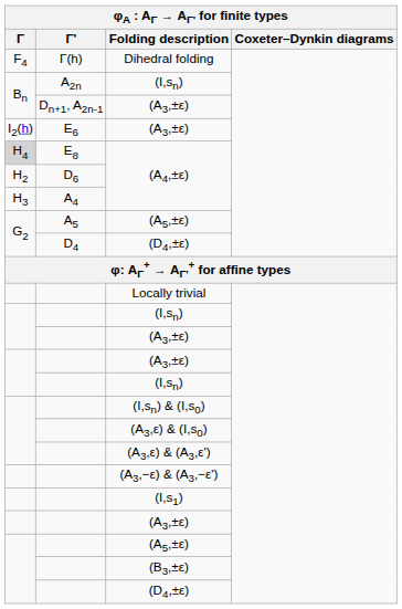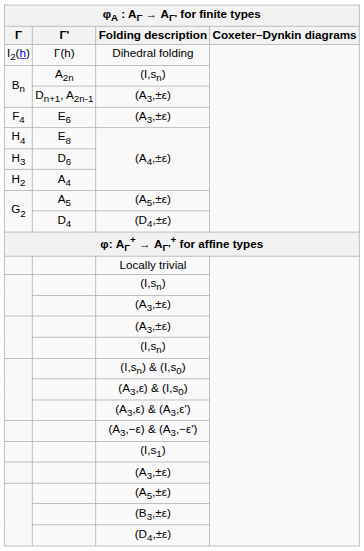 <table class="wikitable" style="float:right;">
 <tr>
 <th colspan=4>φ<sub>A</sub> : A<sub>Γ</sub> → A<sub>Γ'</sub> for finite types</th>
 </tr>
 <tr valign=top>
 <th>Γ</th>
 <th>Γ'</th>
 <th>Folding description</th>
 <th>Coxeter–Dynkin diagrams</th>
 </tr>
 <tr align=center valign=top>
-<td>F<sub>4</sub></td>
+<td>I<sub>2</sub>(<a href='#'>h</a>)</td>
 <td>Γ(h)</td>
 <td>Dihedral folding</td>
 <td rowspan=9></td>
 </tr>
 <tr align=center>
 <td rowspan=2>B<sub>n</sub></td>
 <td>A<sub>2n</sub></td>
 <td>(I,s<sub>n</sub>)</td>
 </tr>
 <tr align=center>
 <td>D<sub>n+1</sub>, A<sub>2n-1</sub></td>
 <td>(A<sub>3</sub>,±ε)</td>
 </tr>
 <tr align=center>
-<td>I<sub>2</sub>(<a href='#'>h</a>)</td>
+<td>F<sub>4</sub></td>
 <td>E<sub>6</sub></td>
 <td>(A<sub>3</sub>,±ε)</td>
 </tr>
 <tr align=center>
-<td style="background: lightgrey;">H<sub>4</sub></td>
+<td>H<sub>4</sub></td>
 <td>E<sub>8</sub></td>
 <td rowspan=3>(A<sub>4</sub>,±ε)</td>
 </tr>
 <tr align=center>
-<td>H<sub>2</sub></td>
+<td>H<sub>3</sub></td>
 <td>D<sub>6</sub></td>
 </tr>
 <tr align=center>
-<td>H<sub>3</sub></td>
+<td>H<sub>2</sub></td>
 <td>A<sub>4</sub></td>
 </tr>
 <tr align=center>
 <td rowspan=2>G<sub>2</sub></td>
 <td>A<sub>5</sub></td>
 <td>(A<sub>5</sub>,±ε)</td>
 </tr>
 <tr align=center>
 <td>D<sub>4</sub></td>
 <td>(D<sub>4</sub>,±ε)</td>
 </tr>
 <tr>
 <th colspan=4>φ: A<sub>Γ</sub><sup>+</sup> → A<sub>Γ'</sub><sup>+</sup> for affine types</th>
 </tr>
 <tr align=center valign=top>
 <td></td>
 <td></td>
 <td>Locally trivial</td>
 <td rowspan=14></td>
 </tr>
 <tr align=center>
 <td rowspan=2></td>
 <td></td>
 <td>(I,s<sub>n</sub>)</td>
 </tr>
 <tr align=center>
 <td></td>
 <td>(A<sub>3</sub>,±ε)</td>
 </tr>
 <tr align=center>
 <td rowspan=2></td>
 <td></td>
 <td>(A<sub>3</sub>,±ε)</td>
 </tr>
 <tr align=center>
 <td></td>
 <td>(I,s<sub>n</sub>)</td>
 </tr>
 <tr align=center>
 <td rowspan=3></td>
 <td></td>
 <td>(I,s<sub>n</sub>) & (I,s<sub>0</sub>)</td>
 </tr>
 <tr align=center>
 <td></td>
 <td>(A<sub>3</sub>,ε) & (I,s<sub>0</sub>)</td>
 </tr>
 <tr align=center>
 <td></td>
 <td>(A<sub>3</sub>,ε) & (A<sub>3</sub>,ε')</td>
 </tr>
 <tr align=center>
 <td></td>
 <td></td>
 <td>(A<sub>3</sub>,−ε) & (A<sub>3</sub>,−ε')</td>
 </tr>
 <tr align=center>
 <td></td>
 <td></td>
 <td>(I,s<sub>1</sub>)</td>
 </tr>
 <tr align=center>
 <td></td>
 <td></td>
 <td>(A<sub>3</sub>,±ε)</td>
 </tr>
 <tr align=center>
 <td rowspan=3></td>
 <td></td>
 <td>(A<sub>5</sub>,±ε)</td>
 </tr>
 <tr align=center>
 <td></td>
 <td>(B<sub>3</sub>,±ε)</td>
 </tr>
 <tr align=center>
 <td></td>
 <td>(D<sub>4</sub>,±ε)</td>
 </tr>
 </table>
